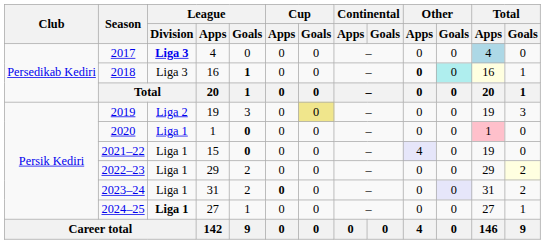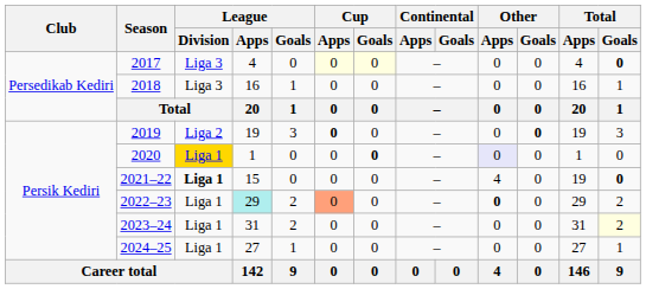 <table class="wikitable" style="text-align:center">
 <tr>
 <th rowspan="2">Club</th>
 <th rowspan="2">Season</th>
 <th colspan="3">League</th>
 <th colspan="2">Cup</th>
 <th colspan="2">Continental</th>
 <th colspan="2">Other</th>
 <th colspan="2">Total</th>
 </tr>
 <tr>
 <th>Division</th>
 <th>Apps</th>
 <th>Goals</th>
 <th>Apps</th>
 <th>Goals</th>
 <th>Apps</th>
 <th>Goals</th>
 <th>Apps</th>
 <th>Goals</th>
 <th>Apps</th>
 <th>Goals</th>
 </tr>
 <tr>
 <td rowspan="3" valign="center"><a href='#'>Persedikab Kediri</a></td>
 <td><a href='#'>2017</a></td>
-<td rowspan="1" valign="center"><strong><a href='#'>Liga 3</a></strong></td>
+<td rowspan="1" valign="center"><a href='#'>Liga 3</a></td>
 <td>4</td>
 <td>0</td>
+<td style="background: lightyellow;">0</td>
+<td style="background: lightyellow;">0</td>
+<td colspan="2">–</td>
+<td>0</td>
+<td>0</td>
+<td>4</td>
+<td><strong>0</strong></td>
+</tr>
+<tr>
+<td><a href='#'>2018</a></td>
+<td rowspan="1" valign="center">Liga 3</td>
+<td>16</td>
+<td>1</td>
 <td>0</td>
 <td>0</td>
 <td colspan="2">–</td>
 <td>0</td>
 <td>0</td>
-<td style="background: lightblue;">4</td>
-<td>0</td>
-</tr>
-<tr>
-<td><a href='#'>2018</a></td>
-<td rowspan="1" valign="center">Liga 3</td>
 <td>16</td>
-<td><strong>1</strong></td>
-<td>0</td>
-<td>0</td>
-<td colspan="2">–</td>
-<td><strong>0</strong></td>
-<td style="background: paleturquoise;">0</td>
-<td style="background: lightyellow;">16</td>
 <td>1</td>
 </tr>
 <tr>
 <th colspan="2">Total</th>
 <th>20</th>
 <th>1</th>
 <th>0</th>
 <th>0</th>
 <th colspan="2">–</th>
 <th>0</th>
 <th>0</th>
 <th>20</th>
 <th>1</th>
 </tr>
 <tr>
 <td rowspan="6" valign="center"><a href='#'>Persik Kediri</a></td>
 <td><a href='#'>2019</a></td>
 <td><a href='#'>Liga 2</a></td>
 <td>19</td>
 <td>3</td>
+<td><strong>0</strong></td>
 <td>0</td>
-<td style="background: khaki;">0</td>
 <td colspan="2">–</td>
 <td>0</td>
-<td>0</td>
+<td><strong>0</strong></td>
 <td>19</td>
 <td>3</td>
 </tr>
 <tr>
 <td><a href='#'>2020</a></td>
-<td><a href='#'>Liga 1</a></td>
+<td style="background: gold;"><a href='#'>Liga 1</a></td>
 <td>1</td>
-<td><strong>0</strong></td>
 <td>0</td>
 <td>0</td>
+<td><strong>0</strong></td>
 <td colspan="2">–</td>
+<td style="background: lavender;">0</td>
 <td>0</td>
-<td>0</td>
-<td style="background: pink;">1</td>
+<td>1</td>
 <td>0</td>
 </tr>
 <tr>
 <td><a href='#'>2021–22</a></td>
-<td>Liga 1</td>
+<td><strong>Liga 1</strong></td>
 <td>15</td>
-<td><strong>0</strong></td>
+<td>0</td>
 <td>0</td>
 <td>0</td>
 <td colspan="2">–</td>
-<td style="background: lavender;">4</td>
+<td>4</td>
 <td>0</td>
 <td>19</td>
-<td>0</td>
+<td><strong>0</strong></td>
 </tr>
 <tr>
 <td><a href='#'>2022–23</a></td>
 <td>Liga 1</td>
+<td style="background: paleturquoise;">29</td>
+<td>2</td>
+<td style="background: lightsalmon;">0</td>
+<td>0</td>
+<td colspan="2">–</td>
+<td><strong>0</strong></td>
+<td>0</td>
 <td>29</td>
+<td>2</td>
+</tr>
+<tr>
+<td><a href='#'>2023–24</a></td>
+<td rowspan="1">Liga 1</td>
+<td>31</td>
 <td>2</td>
 <td>0</td>
 <td>0</td>
 <td colspan="2">–</td>
 <td>0</td>
 <td>0</td>
-<td>29</td>
+<td>31</td>
 <td style="background: lightyellow;">2</td>
 </tr>
 <tr>
-<td><a href='#'>2023–24</a></td>
-<td rowspan="1">Liga 1</td>
-<td>31</td>
-<td>2</td>
-<td><strong>0</strong></td>
-<td>0</td>
-<td colspan="2">–</td>
-<td>0</td>
-<td style="background: lavender;">0</td>
-<td>31</td>
-<td>2</td>
-</tr>
-<tr>
 <td><a href='#'>2024–25</a></td>
-<td><strong>Liga 1</strong></td>
+<td>Liga 1</td>
 <td>27</td>
 <td>1</td>
 <td>0</td>
 <td>0</td>
 <td colspan="2">–</td>
 <td>0</td>
 <td>0</td>
 <td>27</td>
 <td>1</td>
 </tr>
 <tr>
 <th colspan="3">Career total</th>
 <th>142</th>
 <th>9</th>
 <th>0</th>
 <th>0</th>
 <th>0</th>
 <th>0</th>
 <th>4</th>
 <th>0</th>
 <th>146</th>
 <th>9</th>
 </tr>
 </table>
